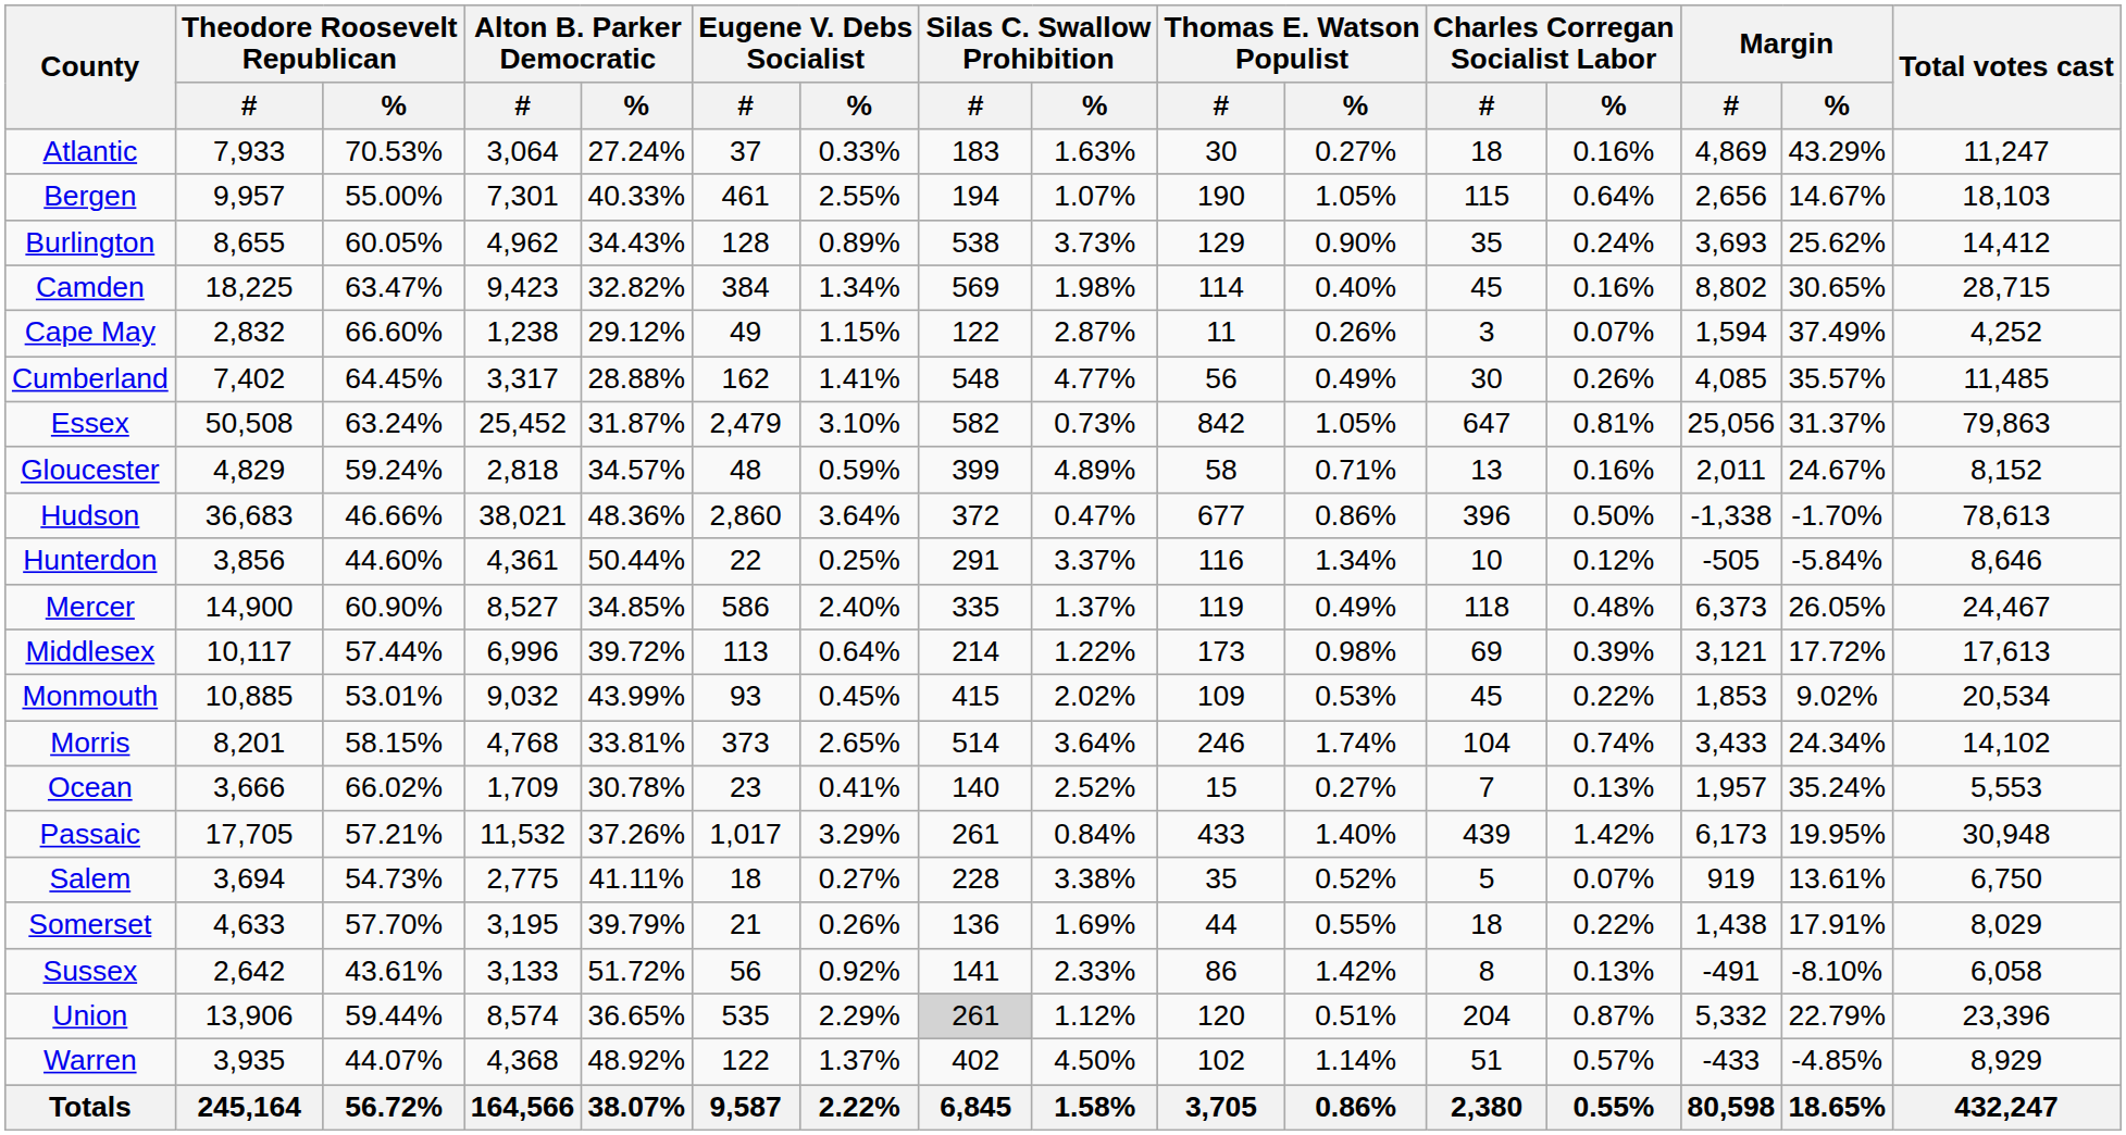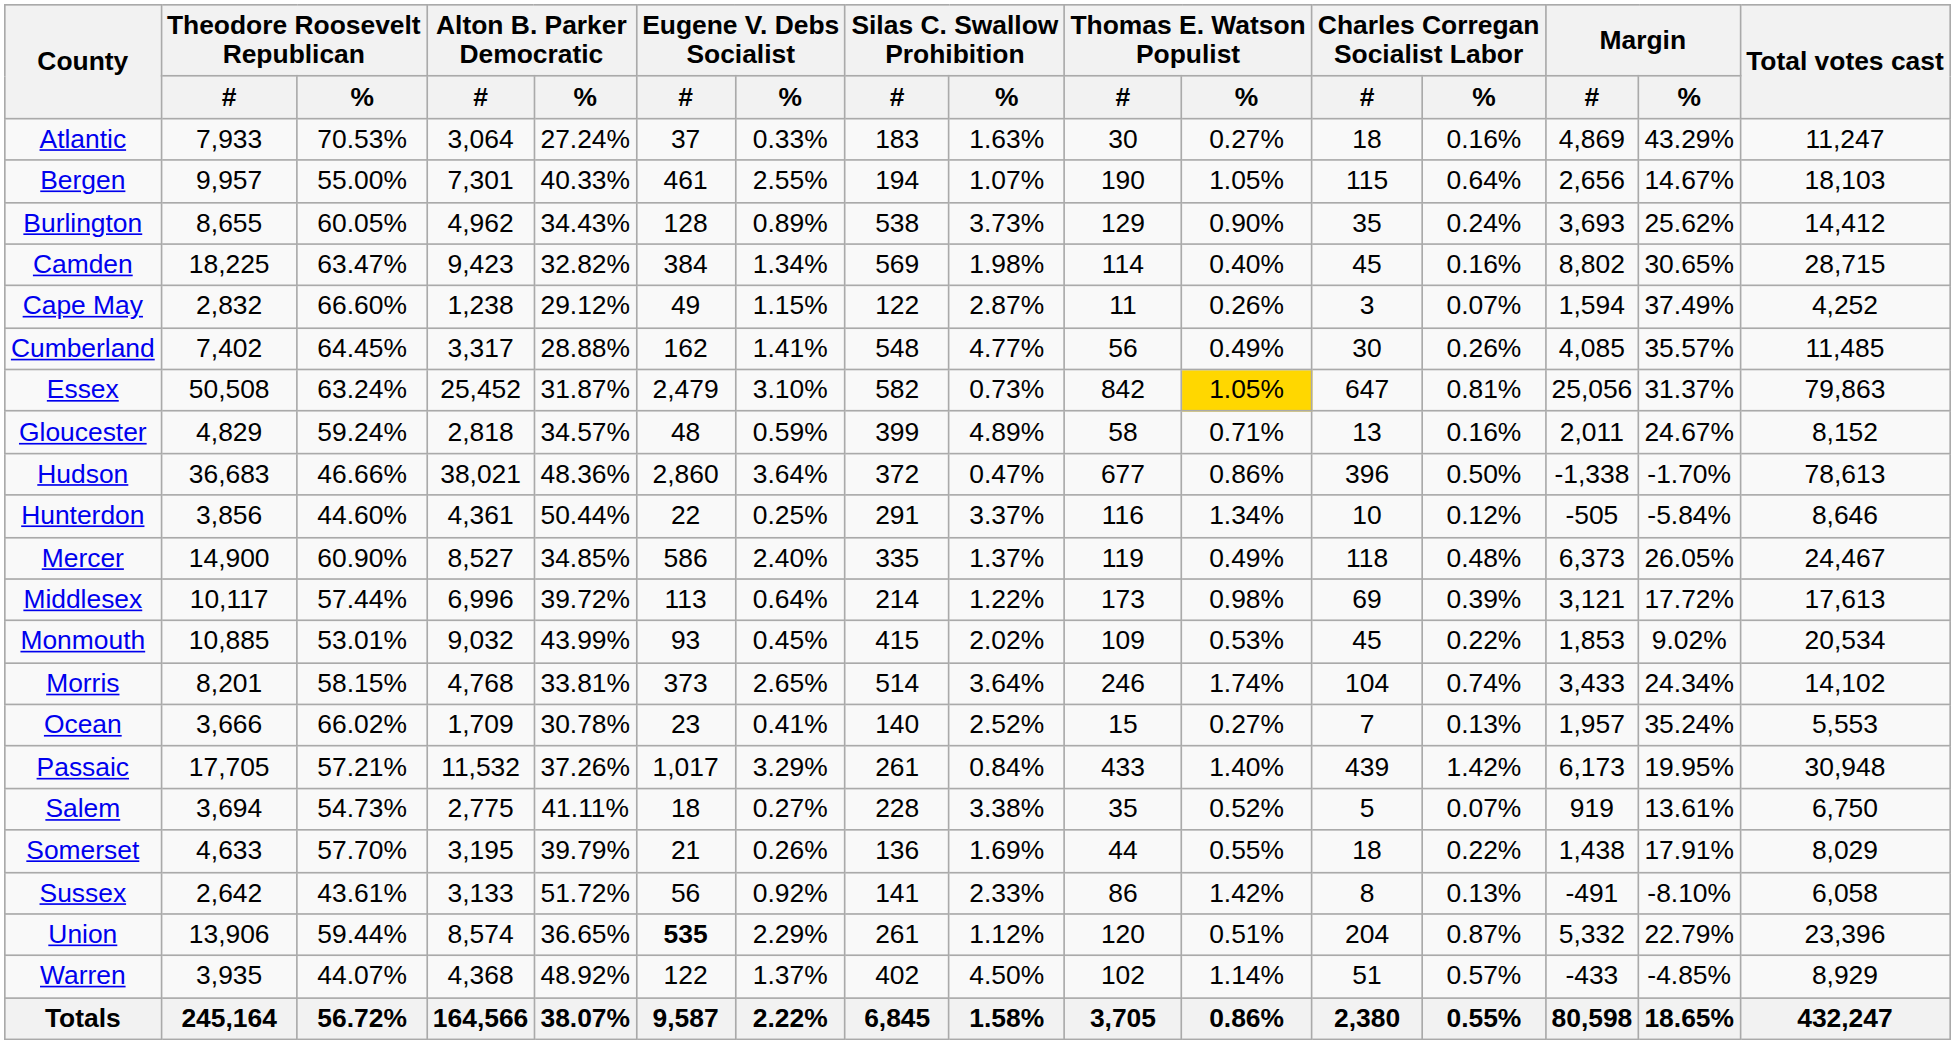 <table class="wikitable sortable">
 <tr>
 <th rowspan="2">County</th>
 <th colspan="2">Theodore Roosevelt<br>Republican</th>
 <th colspan="2">Alton B. Parker<br>Democratic</th>
 <th colspan="2">Eugene V. Debs<br>Socialist</th>
 <th colspan="2">Silas C. Swallow<br>Prohibition</th>
 <th colspan="2">Thomas E. Watson<br>Populist</th>
 <th colspan="2">Charles Corregan<br>Socialist Labor</th>
 <th colspan="2">Margin</th>
 <th rowspan="2">Total votes cast</th>
 </tr>
 <tr>
 <th data-sort-type="number">#</th>
 <th data-sort-type="number">%</th>
 <th data-sort-type="number">#</th>
 <th data-sort-type="number">%</th>
 <th data-sort-type="number">#</th>
 <th data-sort-type="number">%</th>
 <th data-sort-type="number">#</th>
 <th data-sort-type="number">%</th>
 <th data-sort-type="number">#</th>
 <th data-sort-type="number">%</th>
 <th data-sort-type="number">#</th>
 <th data-sort-type="number">%</th>
 <th data-sort-type="number">#</th>
 <th data-sort-type="number">%</th>
 </tr>
 <tr style="text-align:center;">
 <td><a href='#'>Atlantic</a></td>
 <td>7,933</td>
 <td>70.53%</td>
 <td>3,064</td>
 <td>27.24%</td>
 <td>37</td>
 <td>0.33%</td>
 <td>183</td>
 <td>1.63%</td>
 <td>30</td>
 <td>0.27%</td>
 <td>18</td>
 <td>0.16%</td>
 <td>4,869</td>
 <td>43.29%</td>
 <td>11,247</td>
 </tr>
 <tr style="text-align:center;">
 <td><a href='#'>Bergen</a></td>
 <td>9,957</td>
 <td>55.00%</td>
 <td>7,301</td>
 <td>40.33%</td>
 <td>461</td>
 <td>2.55%</td>
 <td>194</td>
 <td>1.07%</td>
 <td>190</td>
 <td>1.05%</td>
 <td>115</td>
 <td>0.64%</td>
 <td>2,656</td>
 <td>14.67%</td>
 <td>18,103</td>
 </tr>
 <tr style="text-align:center;">
 <td><a href='#'>Burlington</a></td>
 <td>8,655</td>
 <td>60.05%</td>
 <td>4,962</td>
 <td>34.43%</td>
 <td>128</td>
 <td>0.89%</td>
 <td>538</td>
 <td>3.73%</td>
 <td>129</td>
 <td>0.90%</td>
 <td>35</td>
 <td>0.24%</td>
 <td>3,693</td>
 <td>25.62%</td>
 <td>14,412</td>
 </tr>
 <tr style="text-align:center;">
 <td><a href='#'>Camden</a></td>
 <td>18,225</td>
 <td>63.47%</td>
 <td>9,423</td>
 <td>32.82%</td>
 <td>384</td>
 <td>1.34%</td>
 <td>569</td>
 <td>1.98%</td>
 <td>114</td>
 <td>0.40%</td>
 <td>45</td>
 <td>0.16%</td>
 <td>8,802</td>
 <td>30.65%</td>
 <td>28,715</td>
 </tr>
 <tr style="text-align:center;">
 <td><a href='#'>Cape May</a></td>
 <td>2,832</td>
 <td>66.60%</td>
 <td>1,238</td>
 <td>29.12%</td>
 <td>49</td>
 <td>1.15%</td>
 <td>122</td>
 <td>2.87%</td>
 <td>11</td>
 <td>0.26%</td>
 <td>3</td>
 <td>0.07%</td>
 <td>1,594</td>
 <td>37.49%</td>
 <td>4,252</td>
 </tr>
 <tr style="text-align:center;">
 <td><a href='#'>Cumberland</a></td>
 <td>7,402</td>
 <td>64.45%</td>
 <td>3,317</td>
 <td>28.88%</td>
 <td>162</td>
 <td>1.41%</td>
 <td>548</td>
 <td>4.77%</td>
 <td>56</td>
 <td>0.49%</td>
 <td>30</td>
 <td>0.26%</td>
 <td>4,085</td>
 <td>35.57%</td>
 <td>11,485</td>
 </tr>
 <tr style="text-align:center;">
 <td><a href='#'>Essex</a></td>
 <td>50,508</td>
 <td>63.24%</td>
 <td>25,452</td>
 <td>31.87%</td>
 <td>2,479</td>
 <td>3.10%</td>
 <td>582</td>
 <td>0.73%</td>
 <td>842</td>
-<td>1.05%</td>
+<td style="background: gold;">1.05%</td>
 <td>647</td>
 <td>0.81%</td>
 <td>25,056</td>
 <td>31.37%</td>
 <td>79,863</td>
 </tr>
 <tr style="text-align:center;">
 <td><a href='#'>Gloucester</a></td>
 <td>4,829</td>
 <td>59.24%</td>
 <td>2,818</td>
 <td>34.57%</td>
 <td>48</td>
 <td>0.59%</td>
 <td>399</td>
 <td>4.89%</td>
 <td>58</td>
 <td>0.71%</td>
 <td>13</td>
 <td>0.16%</td>
 <td>2,011</td>
 <td>24.67%</td>
 <td>8,152</td>
 </tr>
 <tr style="text-align:center;">
 <td><a href='#'>Hudson</a></td>
 <td>36,683</td>
 <td>46.66%</td>
 <td>38,021</td>
 <td>48.36%</td>
 <td>2,860</td>
 <td>3.64%</td>
 <td>372</td>
 <td>0.47%</td>
 <td>677</td>
 <td>0.86%</td>
 <td>396</td>
 <td>0.50%</td>
 <td>-1,338</td>
 <td>-1.70%</td>
 <td>78,613</td>
 </tr>
 <tr style="text-align:center;">
 <td><a href='#'>Hunterdon</a></td>
 <td>3,856</td>
 <td>44.60%</td>
 <td>4,361</td>
 <td>50.44%</td>
 <td>22</td>
 <td>0.25%</td>
 <td>291</td>
 <td>3.37%</td>
 <td>116</td>
 <td>1.34%</td>
 <td>10</td>
 <td>0.12%</td>
 <td>-505</td>
 <td>-5.84%</td>
 <td>8,646</td>
 </tr>
 <tr style="text-align:center;">
 <td><a href='#'>Mercer</a></td>
 <td>14,900</td>
 <td>60.90%</td>
 <td>8,527</td>
 <td>34.85%</td>
 <td>586</td>
 <td>2.40%</td>
 <td>335</td>
 <td>1.37%</td>
 <td>119</td>
 <td>0.49%</td>
 <td>118</td>
 <td>0.48%</td>
 <td>6,373</td>
 <td>26.05%</td>
 <td>24,467</td>
 </tr>
 <tr style="text-align:center;">
 <td><a href='#'>Middlesex</a></td>
 <td>10,117</td>
 <td>57.44%</td>
 <td>6,996</td>
 <td>39.72%</td>
 <td>113</td>
 <td>0.64%</td>
 <td>214</td>
 <td>1.22%</td>
 <td>173</td>
 <td>0.98%</td>
 <td>69</td>
 <td>0.39%</td>
 <td>3,121</td>
 <td>17.72%</td>
 <td>17,613</td>
 </tr>
 <tr style="text-align:center;">
 <td><a href='#'>Monmouth</a></td>
 <td>10,885</td>
 <td>53.01%</td>
 <td>9,032</td>
 <td>43.99%</td>
 <td>93</td>
 <td>0.45%</td>
 <td>415</td>
 <td>2.02%</td>
 <td>109</td>
 <td>0.53%</td>
 <td>45</td>
 <td>0.22%</td>
 <td>1,853</td>
 <td>9.02%</td>
 <td>20,534</td>
 </tr>
 <tr style="text-align:center;">
 <td><a href='#'>Morris</a></td>
 <td>8,201</td>
 <td>58.15%</td>
 <td>4,768</td>
 <td>33.81%</td>
 <td>373</td>
 <td>2.65%</td>
 <td>514</td>
 <td>3.64%</td>
 <td>246</td>
 <td>1.74%</td>
 <td>104</td>
 <td>0.74%</td>
 <td>3,433</td>
 <td>24.34%</td>
 <td>14,102</td>
 </tr>
 <tr style="text-align:center;">
 <td><a href='#'>Ocean</a></td>
 <td>3,666</td>
 <td>66.02%</td>
 <td>1,709</td>
 <td>30.78%</td>
 <td>23</td>
 <td>0.41%</td>
 <td>140</td>
 <td>2.52%</td>
 <td>15</td>
 <td>0.27%</td>
 <td>7</td>
 <td>0.13%</td>
 <td>1,957</td>
 <td>35.24%</td>
 <td>5,553</td>
 </tr>
 <tr style="text-align:center;">
 <td><a href='#'>Passaic</a></td>
 <td>17,705</td>
 <td>57.21%</td>
 <td>11,532</td>
 <td>37.26%</td>
 <td>1,017</td>
 <td>3.29%</td>
 <td>261</td>
 <td>0.84%</td>
 <td>433</td>
 <td>1.40%</td>
 <td>439</td>
 <td>1.42%</td>
 <td>6,173</td>
 <td>19.95%</td>
 <td>30,948</td>
 </tr>
 <tr style="text-align:center;">
 <td><a href='#'>Salem</a></td>
 <td>3,694</td>
 <td>54.73%</td>
 <td>2,775</td>
 <td>41.11%</td>
 <td>18</td>
 <td>0.27%</td>
 <td>228</td>
 <td>3.38%</td>
 <td>35</td>
 <td>0.52%</td>
 <td>5</td>
 <td>0.07%</td>
 <td>919</td>
 <td>13.61%</td>
 <td>6,750</td>
 </tr>
 <tr style="text-align:center;">
 <td><a href='#'>Somerset</a></td>
 <td>4,633</td>
 <td>57.70%</td>
 <td>3,195</td>
 <td>39.79%</td>
 <td>21</td>
 <td>0.26%</td>
 <td>136</td>
 <td>1.69%</td>
 <td>44</td>
 <td>0.55%</td>
 <td>18</td>
 <td>0.22%</td>
 <td>1,438</td>
 <td>17.91%</td>
 <td>8,029</td>
 </tr>
 <tr style="text-align:center;">
 <td><a href='#'>Sussex</a></td>
 <td>2,642</td>
 <td>43.61%</td>
 <td>3,133</td>
 <td>51.72%</td>
 <td>56</td>
 <td>0.92%</td>
 <td>141</td>
 <td>2.33%</td>
 <td>86</td>
 <td>1.42%</td>
 <td>8</td>
 <td>0.13%</td>
 <td>-491</td>
 <td>-8.10%</td>
 <td>6,058</td>
 </tr>
 <tr style="text-align:center;">
 <td><a href='#'>Union</a></td>
 <td>13,906</td>
 <td>59.44%</td>
 <td>8,574</td>
 <td>36.65%</td>
-<td>535</td>
+<td><strong>535</strong></td>
 <td>2.29%</td>
-<td style="background: lightgrey;">261</td>
+<td>261</td>
 <td>1.12%</td>
 <td>120</td>
 <td>0.51%</td>
 <td>204</td>
 <td>0.87%</td>
 <td>5,332</td>
 <td>22.79%</td>
 <td>23,396</td>
 </tr>
 <tr style="text-align:center;">
 <td><a href='#'>Warren</a></td>
 <td>3,935</td>
 <td>44.07%</td>
 <td>4,368</td>
 <td>48.92%</td>
 <td>122</td>
 <td>1.37%</td>
 <td>402</td>
 <td>4.50%</td>
 <td>102</td>
 <td>1.14%</td>
 <td>51</td>
 <td>0.57%</td>
 <td>-433</td>
 <td>-4.85%</td>
 <td>8,929</td>
 </tr>
 <tr style="text-align:center;">
 <th>Totals</th>
 <th>245,164</th>
 <th>56.72%</th>
 <th>164,566</th>
 <th>38.07%</th>
 <th>9,587</th>
 <th>2.22%</th>
 <th>6,845</th>
 <th>1.58%</th>
 <th>3,705</th>
 <th>0.86%</th>
 <th>2,380</th>
 <th>0.55%</th>
 <th>80,598</th>
 <th>18.65%</th>
 <th>432,247</th>
 </tr>
 </table>
